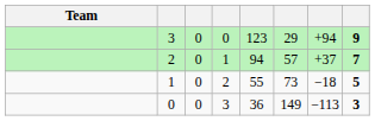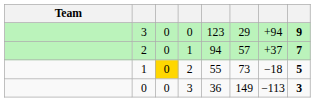 <table class="wikitable" style="text-align:center;">
 <tr>
 <th style="width:10.5em;">Team</th>
 <th style="width:1.5em;"></th>
 <th style="width:1.5em;"></th>
 <th style="width:1.5em;"></th>
 <th style="width:2.0em;"></th>
 <th style="width:2.0em;"></th>
 <th style="width:2.0em;"></th>
 <th style="width:1.5em;"></th>
 </tr>
 <tr bgcolor=#BBF3BB>
 <td align="left"></td>
 <td>3</td>
 <td>0</td>
 <td>0</td>
 <td>123</td>
 <td>29</td>
 <td>+94</td>
 <td><strong>9</strong></td>
 </tr>
 <tr bgcolor=#BBF3BB>
 <td align="left"></td>
 <td>2</td>
 <td>0</td>
 <td>1</td>
 <td>94</td>
 <td>57</td>
 <td>+37</td>
 <td><strong>7</strong></td>
 </tr>
 <tr>
 <td align="left"></td>
 <td>1</td>
-<td>0</td>
+<td style="background: gold;">0</td>
 <td>2</td>
 <td>55</td>
 <td>73</td>
 <td>−18</td>
 <td><strong>5</strong></td>
 </tr>
 <tr>
 <td align="left"></td>
 <td>0</td>
 <td>0</td>
 <td>3</td>
 <td>36</td>
 <td>149</td>
 <td>−113</td>
 <td><strong>3</strong></td>
 </tr>
 </table>
